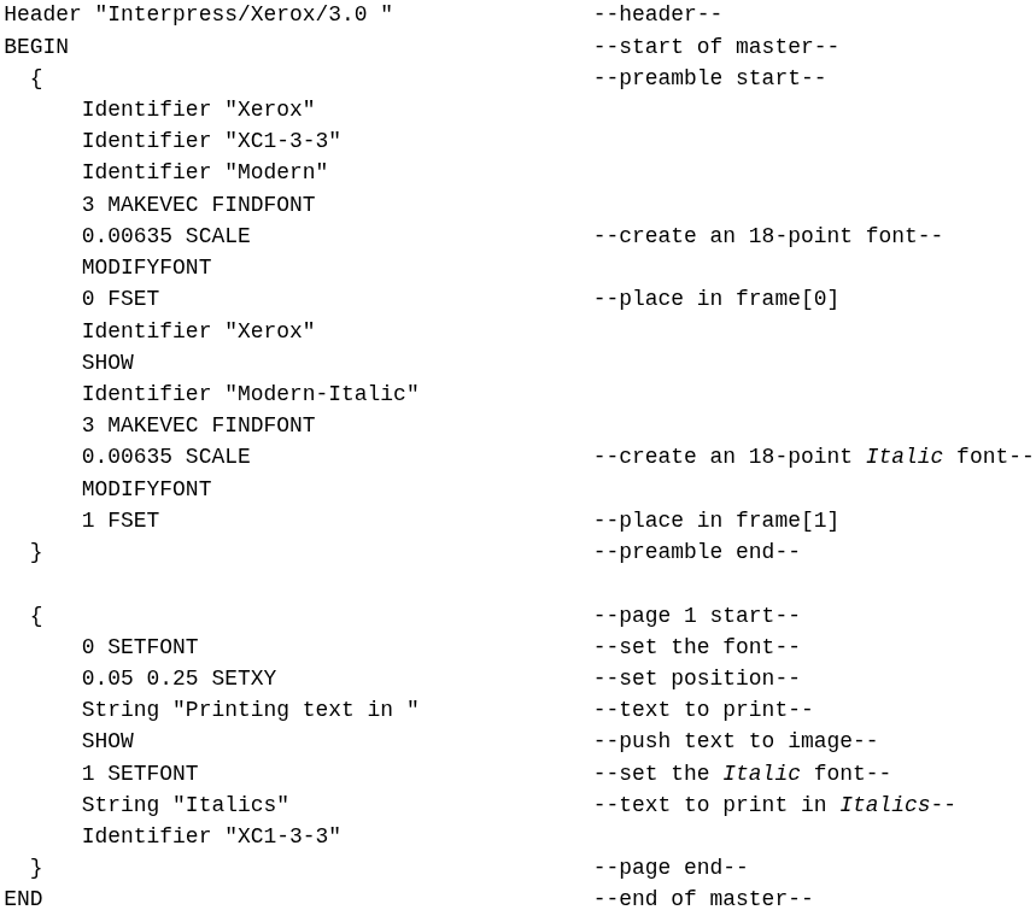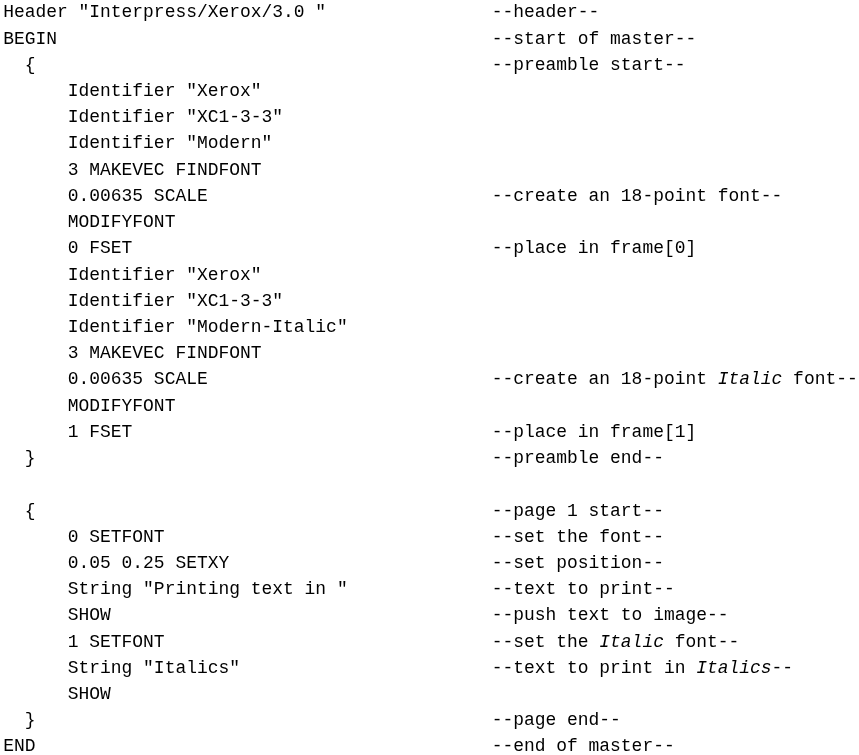 <table style="border-spacing: 2px; border: 0px; font-family:monospace; white-space:nowrap;">
 <tr>
 <td style="width: 350px;">Header "Interpress/Xerox/3.0 "</td>
 <td style="width: 250px;">--header--</td>
 </tr>
 <tr>
 <td>BEGIN</td>
 <td>--start of master--</td>
 </tr>
 <tr>
 <td>  {</td>
 <td>--preamble start--</td>
 </tr>
 <tr>
 <td>      Identifier "Xerox"</td>
 <td></td>
 </tr>
 <tr>
 <td>      Identifier "XC1-3-3"</td>
 <td></td>
 </tr>
 <tr>
 <td>      Identifier "Modern"</td>
 <td></td>
 </tr>
 <tr>
 <td>      3 MAKEVEC FINDFONT</td>
 <td></td>
 </tr>
 <tr>
 <td>      0.00635 SCALE</td>
 <td>--create an 18-point font--</td>
 </tr>
 <tr>
 <td>      MODIFYFONT</td>
 <td></td>
 </tr>
 <tr>
 <td>      0 FSET</td>
 <td>--place in frame[0]</td>
 </tr>
 <tr>
 <td>      Identifier "Xerox"</td>
 <td></td>
 </tr>
 <tr>
-<td>      SHOW</td>
+<td>      Identifier "XC1-3-3"</td>
 <td></td>
 </tr>
 <tr>
 <td>      Identifier "Modern-Italic"</td>
 <td></td>
 </tr>
 <tr>
 <td>      3 MAKEVEC FINDFONT</td>
 <td></td>
 </tr>
 <tr>
 <td>      0.00635 SCALE</td>
 <td>--create an 18-point <em>Italic</em> font--</td>
 </tr>
 <tr>
 <td>      MODIFYFONT</td>
 <td></td>
 </tr>
 <tr>
 <td>      1 FSET</td>
 <td>--place in frame[1]</td>
 </tr>
 <tr>
 <td>  }</td>
 <td>--preamble end--</td>
 </tr>
 <tr>
 <td>   </td>
 <td></td>
 </tr>
 <tr>
 <td>  {</td>
 <td>--page 1 start--</td>
 </tr>
 <tr>
 <td>      0 SETFONT</td>
 <td>--set the font--</td>
 </tr>
 <tr>
 <td>      0.05 0.25 SETXY</td>
 <td>--set position--</td>
 </tr>
 <tr>
 <td>      String "Printing text in "</td>
 <td>--text to print--</td>
 </tr>
 <tr>
 <td>      SHOW</td>
 <td>--push text to image--</td>
 </tr>
 <tr>
 <td>      1 SETFONT</td>
 <td>--set the <em>Italic</em> font--</td>
 </tr>
 <tr>
 <td>      String "Italics"</td>
 <td>--text to print in <em>Italics</em>--</td>
 </tr>
 <tr>
-<td>      Identifier "XC1-3-3"</td>
+<td>      SHOW</td>
 <td></td>
 </tr>
 <tr>
 <td>  }</td>
 <td>--page end--</td>
 </tr>
 <tr>
 <td>END</td>
 <td>--end of master--</td>
 </tr>
 </table>
